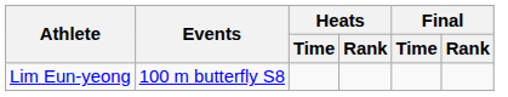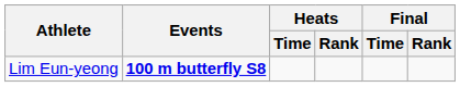 <table class=wikitable style="font-size:90%">
 <tr>
 <th rowspan="2">Athlete</th>
 <th rowspan="2">Events</th>
 <th colspan="2">Heats</th>
 <th colspan="2">Final</th>
 </tr>
 <tr>
 <th>Time</th>
 <th>Rank</th>
 <th>Time</th>
 <th>Rank</th>
 </tr>
 <tr align=center>
 <td align=left><a href='#'>Lim Eun-yeong</a></td>
-<td align=left><a href='#'>100 m butterfly S8</a></td>
+<td align=left><strong><a href='#'>100 m butterfly S8</a></strong></td>
 <td></td>
 <td></td>
 <td></td>
 <td></td>
 </tr>
 </table>
